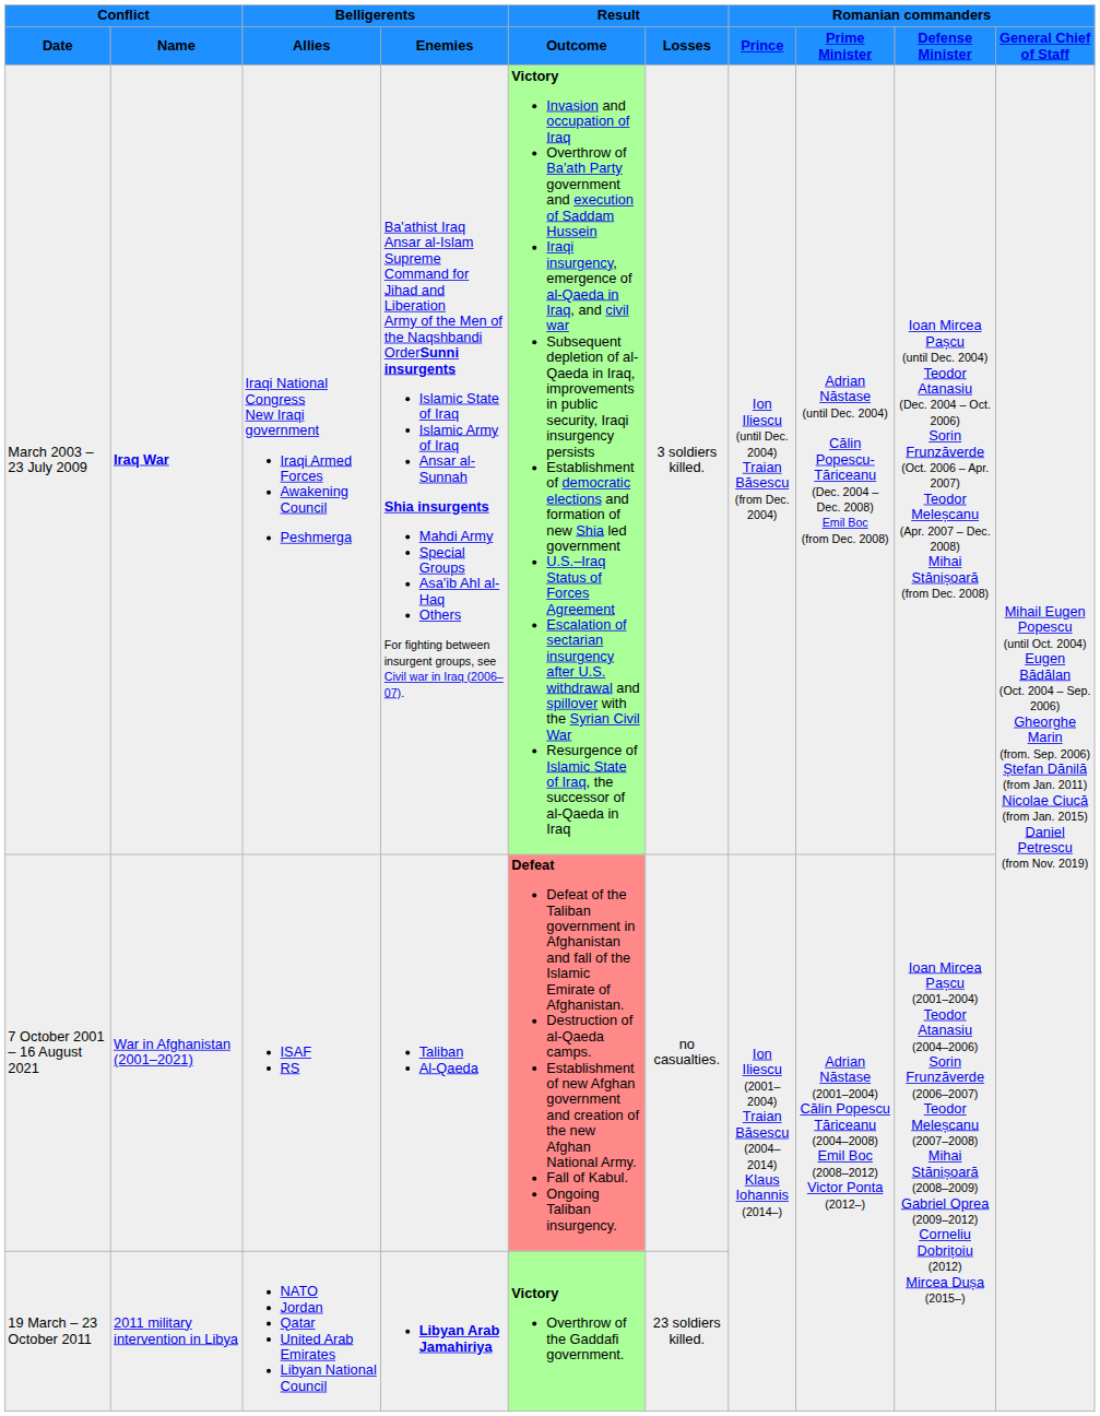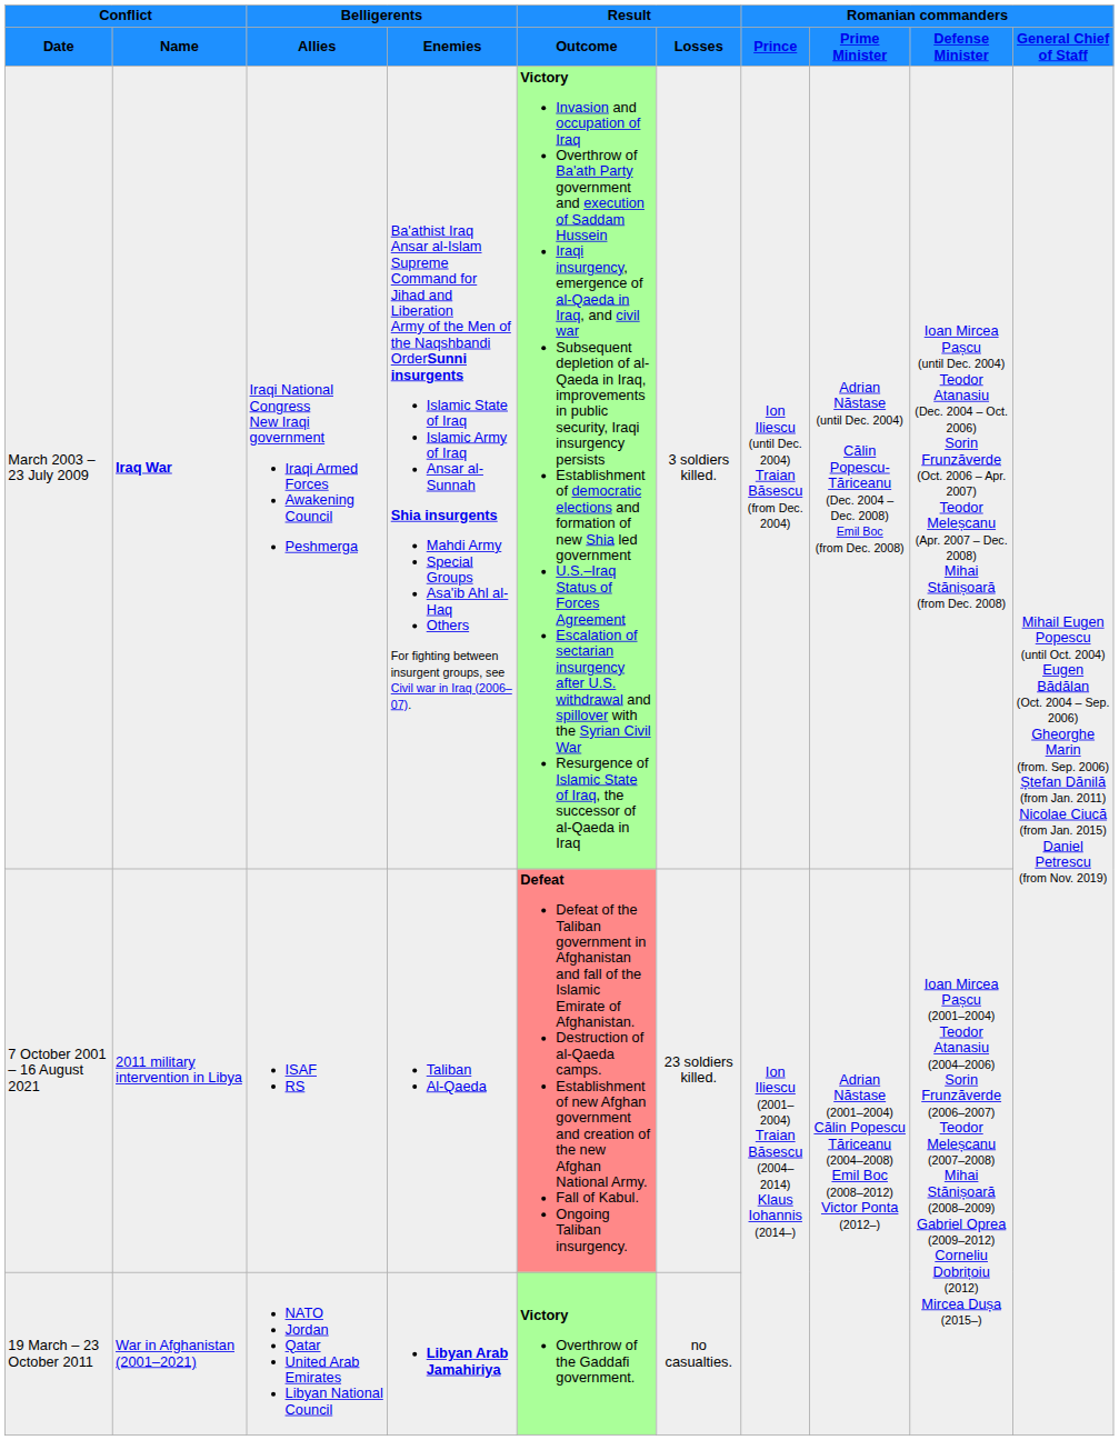 <table class="wikitable">
 <tr>
 <th colspan="2" style="background:#1e90ff"><span>Conflict</span></th>
 <th style="background:#1e90ff" colspan="2"><span>Belligerents</span></th>
 <th style="background:#1e90ff" colspan="2"><span>Result</span></th>
 <th style="background:#1e90ff" colspan="4"><span>Romanian commanders</span></th>
 </tr>
 <tr>
 <th style="background:#1e90ff" width=120px>Date</th>
 <th style="background:#1e90ff" width=150px>Name</th>
 <th style="background:#1e90ff" width=155px>Allies</th>
 <th style="background:#1e90ff" width=140px>Enemies</th>
 <th style="background:#1e90ff" width=150px>Outcome</th>
 <th style="background:#1e90ff" width=90px>Losses</th>
 <th style="background:#1e90ff" width=70px><a href='#'>Prince</a></th>
 <th style="background:#1e90ff" width=110px><a href='#'>Prime Minister</a></th>
 <th style="background:#1e90ff" width=110px><a href='#'>Defense Minister</a></th>
 <th style="background:#1e90ff" width=110px><a href='#'>General Chief of Staff</a></th>
 </tr>
 <tr>
 <td style="background:#efefef">March 2003 – 23 July 2009</td>
 <td style="background:#efefef"><strong><a href='#'>Iraq War</a></strong></td>
 <td style="background:#efefef"><br> <a href='#'>Iraqi National Congress</a><br>  <a href='#'>New Iraqi government</a><ul><li><a href='#'>Iraqi Armed Forces</a></li><li><a href='#'>Awakening Council</a></li></ul><ul><li><a href='#'>Peshmerga</a></li></ul></td>
 <td style="background:#efefef"> <a href='#'>Ba'athist Iraq</a><br> <a href='#'>Ansar al-Islam</a><br><a href='#'>Supreme Command for Jihad and Liberation</a><br><a href='#'>Army of the Men of the Naqshbandi Order</a><a href='#'><strong>Sunni insurgents</strong></a><ul><li> <a href='#'>Islamic State of Iraq</a></li><li><a href='#'>Islamic Army of Iraq</a></li><li><a href='#'>Ansar al-Sunnah</a></li></ul><a href='#'><strong>Shia insurgents</strong></a><ul><li> <a href='#'>Mahdi Army</a></li><li> <a href='#'>Special Groups</a></li><li><a href='#'>Asa'ib Ahl al-Haq</a></li><li><a href='#'>Others</a></li></ul><small>For fighting between insurgent groups, see <a href='#'>Civil war in Iraq (2006–07)</a>.</small></td>
 <td style="background:#AF9"><strong>Victory</strong><br><ul><li><a href='#'>Invasion</a> and <a href='#'>occupation of Iraq</a></li><li>Overthrow of <a href='#'>Ba'ath Party</a> government and <a href='#'>execution of Saddam Hussein</a></li><li><a href='#'>Iraqi insurgency</a>, emergence of <a href='#'>al-Qaeda in Iraq</a>, and <a href='#'>civil war</a></li><li>Subsequent depletion of al-Qaeda in Iraq, improvements in public security, Iraqi insurgency persists</li><li>Establishment of <a href='#'>democratic elections</a> and formation of new <a href='#'>Shia</a> led government</li><li><a href='#'>U.S.–Iraq Status of Forces Agreement</a></li><li><a href='#'>Escalation of sectarian insurgency after U.S. withdrawal</a> and <a href='#'>spillover</a> with the <a href='#'>Syrian Civil War</a></li><li>Resurgence of <a href='#'>Islamic State of Iraq</a>, the successor of al-Qaeda in Iraq</li></ul></td>
 <td style="background:#efefef;text-align:center;">3 soldiers killed.</td>
 <td style="background:#efefef;text-align:center;"><a href='#'>Ion Iliescu</a> <br><small>(until Dec. 2004)</small><br><a href='#'>Traian Băsescu</a> <br><small>(from Dec. 2004)</small></td>
 <td style="background:#efefef;text-align:center;"><a href='#'>Adrian Năstase</a> <br><small>(until Dec. 2004)</small><br><br><a href='#'>Călin Popescu-Tăriceanu</a> <br><small>(Dec. 2004 – Dec. 2008)</small><br><small><a href='#'>Emil Boc</a> <br>(from Dec. 2008)</small></td>
 <td style="background:#efefef;text-align:center;"><a href='#'>Ioan Mircea Pașcu</a> <br><small>(until Dec. 2004)</small><br><a href='#'>Teodor Atanasiu</a> <br><small>(Dec. 2004 – Oct. 2006)</small><br><a href='#'>Sorin Frunzăverde</a> <br><small>(Oct. 2006 – Apr. 2007)</small><br><a href='#'>Teodor Meleșcanu</a> <br><small>(Apr. 2007 – Dec. 2008)</small><br><a href='#'>Mihai Stănișoară</a> <br><small>(from Dec. 2008)</small></td>
 <td style="background:#efefef;text-align:center;" rowspan="3"><a href='#'>Mihail Eugen Popescu</a> <br><small>(until Oct. 2004)</small><br><a href='#'>Eugen Bădălan</a> <br><small>(Oct. 2004 – Sep. 2006)</small><br><a href='#'>Gheorghe Marin</a> <br><small>(from. Sep. 2006)</small><br><a href='#'>Ștefan Dănilă</a> <br><small>(from Jan. 2011)</small><br><a href='#'>Nicolae Ciucă</a> <br><small>(from Jan. 2015)</small><br><a href='#'>Daniel Petrescu</a> <br><small>(from Nov. 2019)</small></td>
 </tr>
 <tr>
 <td style="background:#efefef">7 October 2001 – 16 August 2021</td>
-<td style="background:#efefef"><a href='#'>War in Afghanistan (2001–2021)</a></td>
+<td style="background:#efefef"><a href='#'>2011 military intervention in Libya</a></td>
 <td style="background:#efefef"><br><ul><li><a href='#'>ISAF</a></li><li><a href='#'>RS</a></li></ul></td>
 <td style="background:#efefef"><br><ul><li><a href='#'>Taliban</a></li><li><a href='#'>Al-Qaeda</a></li></ul></td>
 <td style="background:#F88"><strong>Defeat</strong><br><ul><li>Defeat of the Taliban government in Afghanistan and fall of the Islamic Emirate of Afghanistan.</li><li>Destruction of al-Qaeda camps.</li><li>Establishment of new Afghan government and creation of the new Afghan National Army.</li><li>Fall of Kabul.</li><li>Ongoing Taliban insurgency.</li></ul></td>
-<td style="background:#efefef;text-align:center;">no casualties.</td>
+<td style="background:#efefef;text-align:center;">23 soldiers killed.</td>
 <td style="background:#efefef;text-align:center;" rowspan="2"><a href='#'>Ion Iliescu</a> <br><small>(2001–2004)</small> <br> <a href='#'>Traian Băsescu</a> <br><small>(2004–2014)</small> <br> <a href='#'>Klaus Iohannis</a> <br><small>(2014–)</small></td>
 <td style="background:#efefef;text-align:center;" rowspan="2"><a href='#'>Adrian Năstase</a> <br><small>(2001–2004)</small> <br> <a href='#'>Călin Popescu Tăriceanu</a> <br><small>(2004–2008)</small> <br> <a href='#'>Emil Boc</a> <br><small>(2008–2012)</small> <br> <a href='#'>Victor Ponta</a> <br><small>(2012–)</small></td>
 <td style="background:#efefef;text-align:center;" rowspan="2"><a href='#'>Ioan Mircea Pașcu</a> <br><small>(2001–2004)</small> <br> <a href='#'>Teodor Atanasiu</a> <br><small>(2004–2006)</small> <br> <a href='#'>Sorin Frunzăverde</a> <br><small>(2006–2007)</small> <br> <a href='#'>Teodor Meleșcanu</a> <br><small>(2007–2008)</small> <br> <a href='#'>Mihai Stănișoară</a> <br><small>(2008–2009)</small> <br> <a href='#'>Gabriel Oprea</a> <br><small>(2009–2012)</small> <br> <a href='#'>Corneliu Dobrițoiu</a> <br><small>(2012)</small> <br> <a href='#'>Mircea Dușa</a> <br><small>(2015–)</small></td>
 </tr>
 <tr>
 <td style="background:#efefef">19 March – 23 October 2011</td>
-<td style="background:#efefef"><a href='#'>2011 military intervention in Libya</a></td>
+<td style="background:#efefef"><a href='#'>War in Afghanistan (2001–2021)</a></td>
 <td style="background:#efefef"><br><ul><li><a href='#'>NATO</a></li><li><a href='#'>Jordan</a></li><li><a href='#'>Qatar</a></li><li><a href='#'>United Arab Emirates</a></li><li><a href='#'>Libyan National Council</a></li></ul></td>
 <td style="background:#efefef"><strong><br><ul><li><a href='#'>Libyan Arab Jamahiriya</a></li></ul></strong></td>
 <td style="background:#AF9"><strong>Victory</strong><br><ul><li>Overthrow of the Gaddafi government.</li></ul></td>
-<td style="background:#efefef;text-align:center;">23 soldiers killed.</td>
+<td style="background:#efefef;text-align:center;">no casualties.</td>
 </tr>
 </table>
